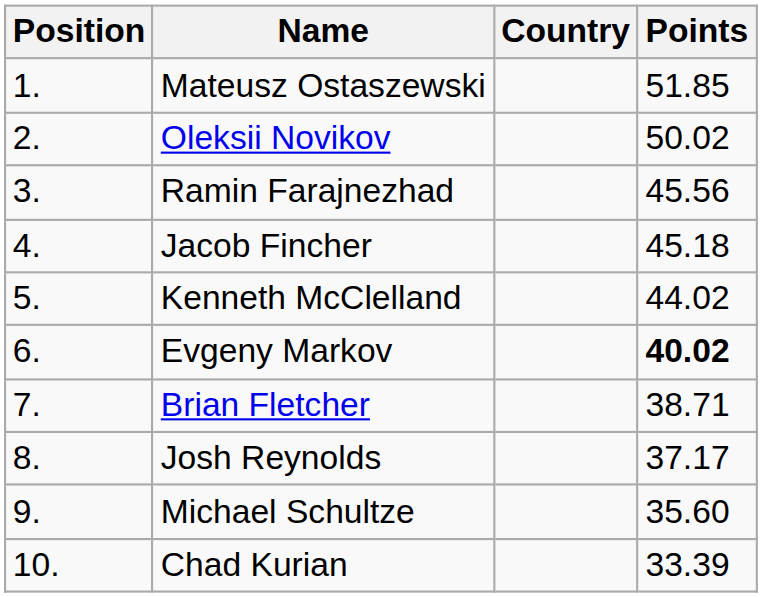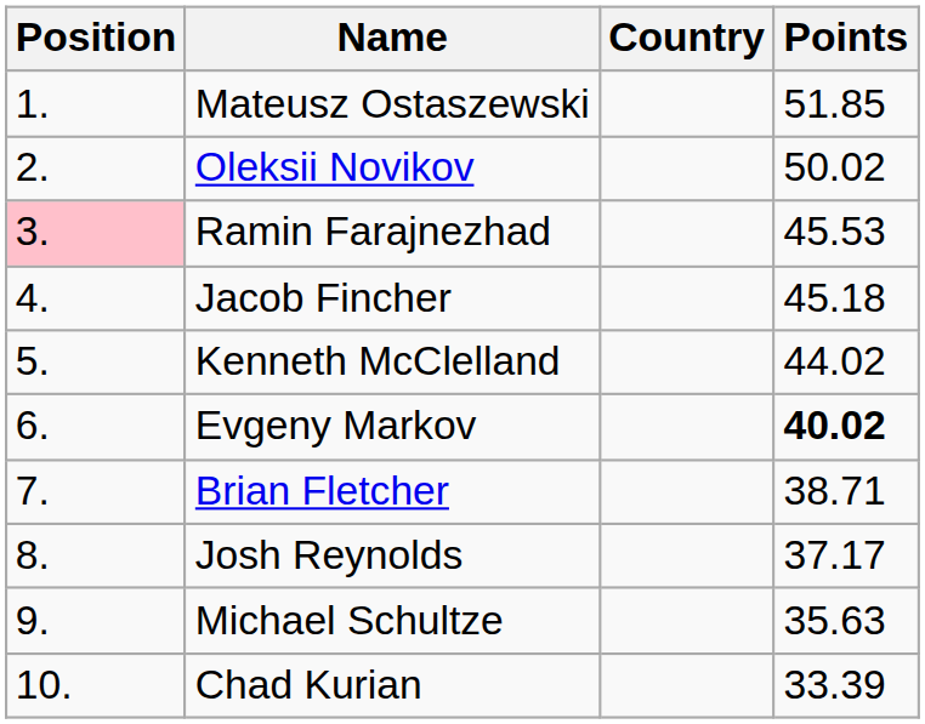 <table class="wikitable sortable" style="display: inline-table">
 <tr>
 <th>Position</th>
 <th>Name</th>
 <th>Country</th>
 <th>Points</th>
 </tr>
 <tr>
 <td>1.</td>
 <td>Mateusz Ostaszewski</td>
 <td></td>
 <td>51.85</td>
 </tr>
 <tr>
 <td>2.</td>
 <td><a href='#'>Oleksii Novikov</a></td>
 <td></td>
 <td>50.02</td>
 </tr>
 <tr>
-<td>3.</td>
+<td style="background: pink;">3.</td>
 <td>Ramin Farajnezhad</td>
 <td></td>
-<td>45.56</td>
+<td>45.53</td>
 </tr>
 <tr>
 <td>4.</td>
 <td>Jacob Fincher</td>
 <td></td>
 <td>45.18</td>
 </tr>
 <tr>
 <td>5.</td>
 <td>Kenneth McClelland</td>
 <td></td>
 <td>44.02</td>
 </tr>
 <tr>
 <td>6.</td>
 <td>Evgeny Markov</td>
 <td></td>
 <td><strong>40.02</strong></td>
 </tr>
 <tr>
 <td>7.</td>
 <td><a href='#'>Brian Fletcher</a></td>
 <td></td>
 <td>38.71</td>
 </tr>
 <tr>
 <td>8.</td>
 <td>Josh Reynolds</td>
 <td></td>
 <td>37.17</td>
 </tr>
 <tr>
 <td>9.</td>
 <td>Michael Schultze</td>
 <td></td>
-<td>35.60</td>
+<td>35.63</td>
 </tr>
 <tr>
 <td>10.</td>
 <td>Chad Kurian</td>
 <td></td>
 <td>33.39</td>
 </tr>
 </table>
